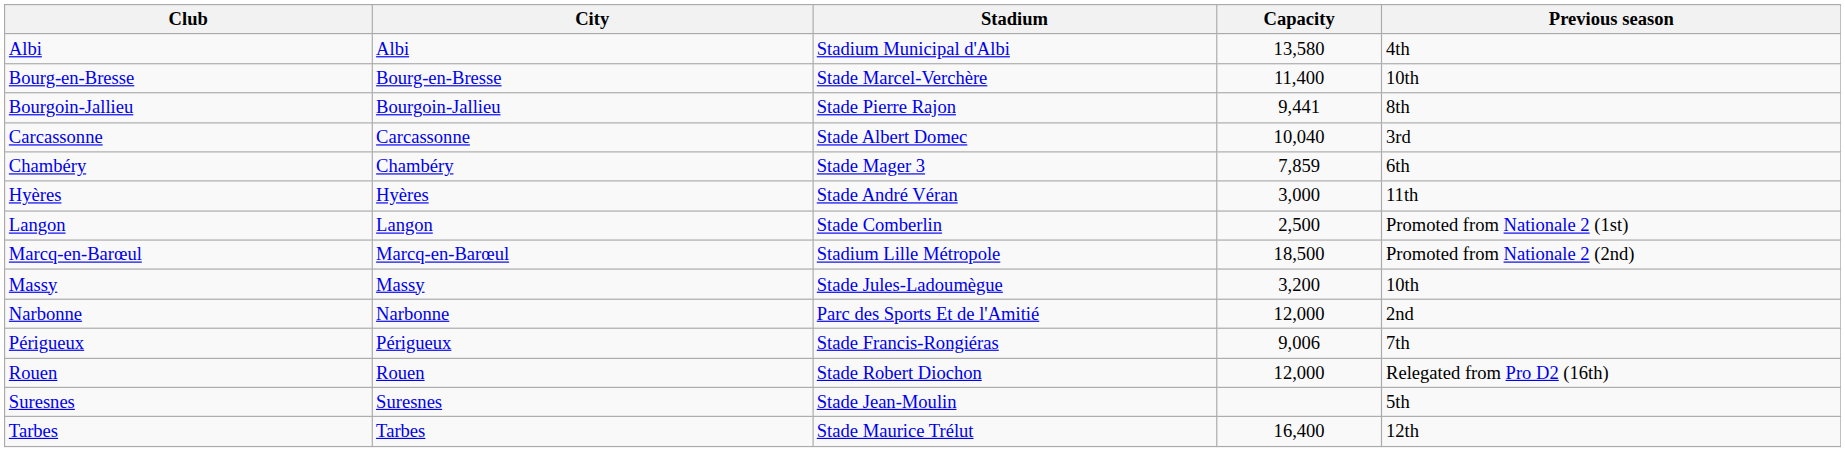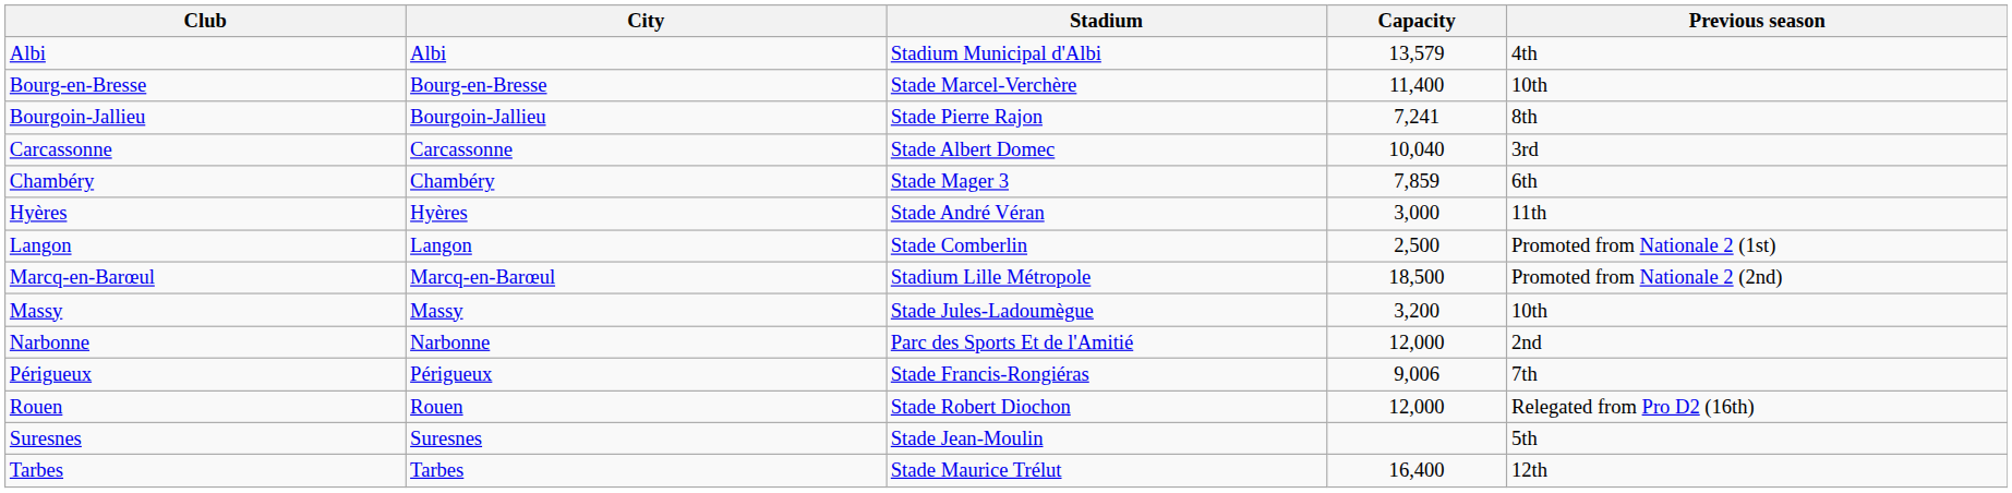 <table class="wikitable sortable" width="100%">
 <tr>
 <th width="20%">Club</th>
 <th width="24%">City</th>
 <th width="22%">Stadium</th>
 <th width="9%">Capacity</th>
 <th>Previous season</th>
 </tr>
 <tr>
 <td><a href='#'>Albi</a></td>
 <td><a href='#'>Albi</a></td>
 <td><a href='#'>Stadium Municipal d'Albi</a></td>
-<td align=center>13,580</td>
+<td align=center>13,579</td>
 <td>4th</td>
 </tr>
 <tr>
 <td><a href='#'>Bourg-en-Bresse</a></td>
 <td><a href='#'>Bourg-en-Bresse</a></td>
 <td><a href='#'>Stade Marcel-Verchère</a></td>
 <td align=center>11,400</td>
 <td>10th</td>
 </tr>
 <tr>
 <td><a href='#'>Bourgoin-Jallieu</a></td>
 <td><a href='#'>Bourgoin-Jallieu</a></td>
 <td><a href='#'>Stade Pierre Rajon</a></td>
-<td align=center>9,441</td>
+<td align=center>7,241</td>
 <td>8th</td>
 </tr>
 <tr>
 <td><a href='#'>Carcassonne</a></td>
 <td><a href='#'>Carcassonne</a></td>
 <td><a href='#'>Stade Albert Domec</a></td>
 <td align=center>10,040</td>
 <td>3rd</td>
 </tr>
 <tr>
 <td><a href='#'>Chambéry</a></td>
 <td><a href='#'>Chambéry</a></td>
 <td><a href='#'>Stade Mager 3</a></td>
 <td align=center>7,859</td>
 <td>6th</td>
 </tr>
 <tr>
 <td><a href='#'>Hyères</a></td>
 <td><a href='#'>Hyères</a></td>
 <td><a href='#'>Stade André Véran</a></td>
 <td align=center>3,000</td>
 <td>11th</td>
 </tr>
 <tr>
 <td><a href='#'>Langon</a></td>
 <td><a href='#'>Langon</a></td>
 <td><a href='#'>Stade Comberlin </a></td>
 <td align=center>2,500</td>
 <td>Promoted from <a href='#'>Nationale 2</a> (1st)</td>
 </tr>
 <tr>
 <td><a href='#'>Marcq-en-Barœul</a></td>
 <td><a href='#'>Marcq-en-Barœul</a></td>
 <td><a href='#'>Stadium Lille Métropole</a></td>
 <td align=center>18,500</td>
 <td>Promoted from <a href='#'>Nationale 2</a> (2nd)</td>
 </tr>
 <tr>
 <td><a href='#'>Massy</a></td>
 <td><a href='#'>Massy</a></td>
 <td><a href='#'>Stade Jules-Ladoumègue</a></td>
 <td align=center>3,200</td>
 <td>10th</td>
 </tr>
 <tr>
 <td><a href='#'>Narbonne</a></td>
 <td><a href='#'>Narbonne</a></td>
 <td><a href='#'>Parc des Sports Et de l'Amitié</a></td>
 <td align=center>12,000</td>
 <td>2nd</td>
 </tr>
 <tr>
 <td><a href='#'>Périgueux</a></td>
 <td><a href='#'>Périgueux</a></td>
 <td><a href='#'>Stade Francis-Rongiéras</a></td>
 <td align=center>9,006</td>
 <td>7th</td>
 </tr>
 <tr>
 <td><a href='#'>Rouen</a></td>
 <td><a href='#'>Rouen</a></td>
 <td><a href='#'>Stade Robert Diochon </a></td>
 <td align=center>12,000</td>
 <td>Relegated from <a href='#'>Pro D2</a> (16th)</td>
 </tr>
 <tr>
 <td><a href='#'>Suresnes</a></td>
 <td><a href='#'>Suresnes</a></td>
 <td><a href='#'>Stade Jean-Moulin</a></td>
 <td align=center></td>
 <td>5th</td>
 </tr>
 <tr>
 <td><a href='#'>Tarbes</a></td>
 <td><a href='#'>Tarbes</a></td>
 <td><a href='#'>Stade Maurice Trélut</a></td>
 <td align=center>16,400</td>
 <td>12th</td>
 </tr>
 </table>
